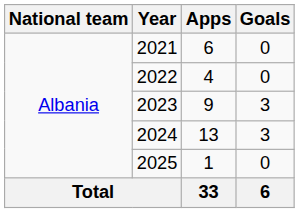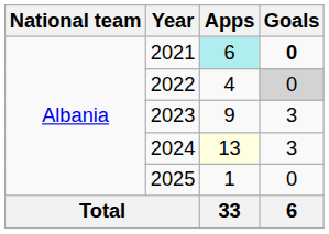 <table class="wikitable" style="text-align:center">
 <tr>
 <th>National team</th>
 <th>Year</th>
 <th>Apps</th>
 <th>Goals</th>
 </tr>
 <tr>
 <td rowspan="5"><a href='#'>Albania</a></td>
 <td>2021</td>
-<td>6</td>
-<td>0</td>
+<td style="background: paleturquoise;">6</td>
+<td><strong>0</strong></td>
 </tr>
 <tr>
 <td>2022</td>
 <td>4</td>
-<td>0</td>
+<td style="background: lightgrey;">0</td>
 </tr>
 <tr>
 <td>2023</td>
 <td>9</td>
 <td>3</td>
 </tr>
 <tr>
 <td>2024</td>
-<td>13</td>
+<td style="background: lightyellow;">13</td>
 <td>3</td>
 </tr>
 <tr>
 <td>2025</td>
 <td>1</td>
 <td>0</td>
 </tr>
 <tr>
 <th colspan="2">Total</th>
 <th>33</th>
 <th>6</th>
 </tr>
 </table>
